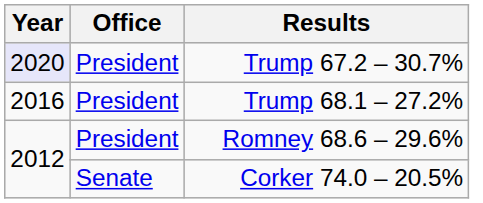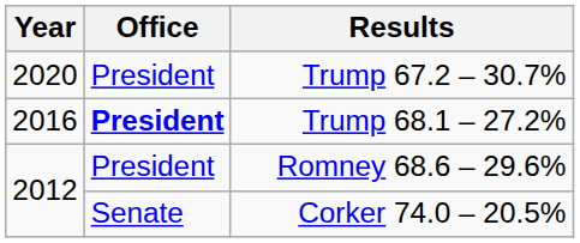 <table class=wikitable>
 <tr>
 <th width="30">Year</th>
 <th width="60">Office</th>
 <th width="180">Results</th>
 </tr>
 <tr>
-<td style="background: lavender;">2020</td>
+<td>2020</td>
 <td><a href='#'>President</a></td>
 <td align="right" ><a href='#'>Trump</a> 67.2 – 30.7%</td>
 </tr>
 <tr>
 <td>2016</td>
-<td><a href='#'>President</a></td>
+<td><strong><a href='#'>President</a></strong></td>
 <td align="right" ><a href='#'>Trump</a> 68.1 – 27.2%</td>
 </tr>
 <tr>
 <td rowspan="2">2012</td>
 <td><a href='#'>President</a></td>
 <td align="right" ><a href='#'>Romney</a> 68.6 – 29.6%</td>
 </tr>
 <tr>
 <td><a href='#'>Senate</a></td>
 <td align="right" ><a href='#'>Corker</a> 74.0 – 20.5%</td>
 </tr>
 </table>
